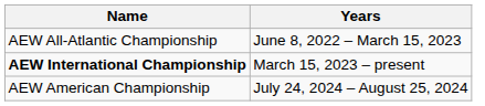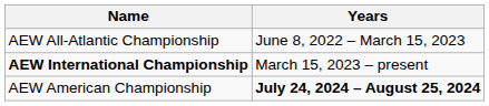 <table class="wikitable">
 <tr>
 <th>Name</th>
 <th>Years</th>
 </tr>
 <tr>
 <td>AEW All-Atlantic Championship</td>
 <td>June 8, 2022 – March 15, 2023</td>
 </tr>
 <tr>
 <td><strong>AEW International Championship</strong></td>
 <td>March 15, 2023 – present</td>
 </tr>
 <tr>
 <td>AEW American Championship</td>
-<td>July 24, 2024 –  August 25, 2024<br></td>
+<td><strong>July 24, 2024 –  August 25, 2024<br></strong></td>
 </tr>
 </table>
